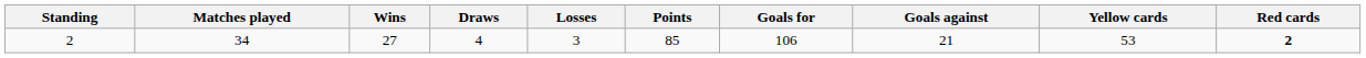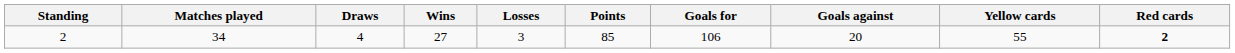 <table class="wikitable" style="width:100%; font-size:85%;">
 <tr>
 <th align=center>Standing</th>
 <th align=center>Matches played</th>
+<th align=center>Draws</th>
 <th align=center>Wins</th>
-<th align=center>Draws</th>
 <th align=center>Losses</th>
 <th align=center>Points</th>
 <th align=center>Goals for<br></th>
 <th align=center>Goals against<br></th>
 <th align=center>Yellow cards<br></th>
 <th align=center>Red cards<br> </th>
 </tr>
 <tr>
 <td align=center>2</td>
 <td align=center>34</td>
+<td align=center>4</td>
 <td align=center>27</td>
-<td align=center>4</td>
 <td align=center>3</td>
 <td align=center>85</td>
 <td align=center>106</td>
-<td align=center>21</td>
-<td align=center>53</td>
+<td align=center>20</td>
+<td align=center>55</td>
 <td align=center><strong>2</strong></td>
 </tr>
 </table>
